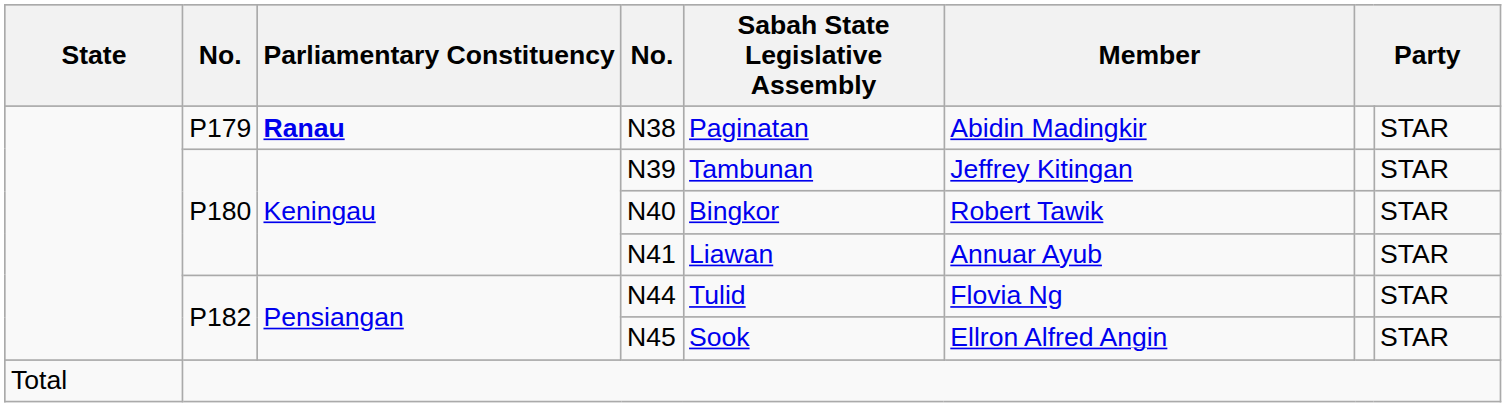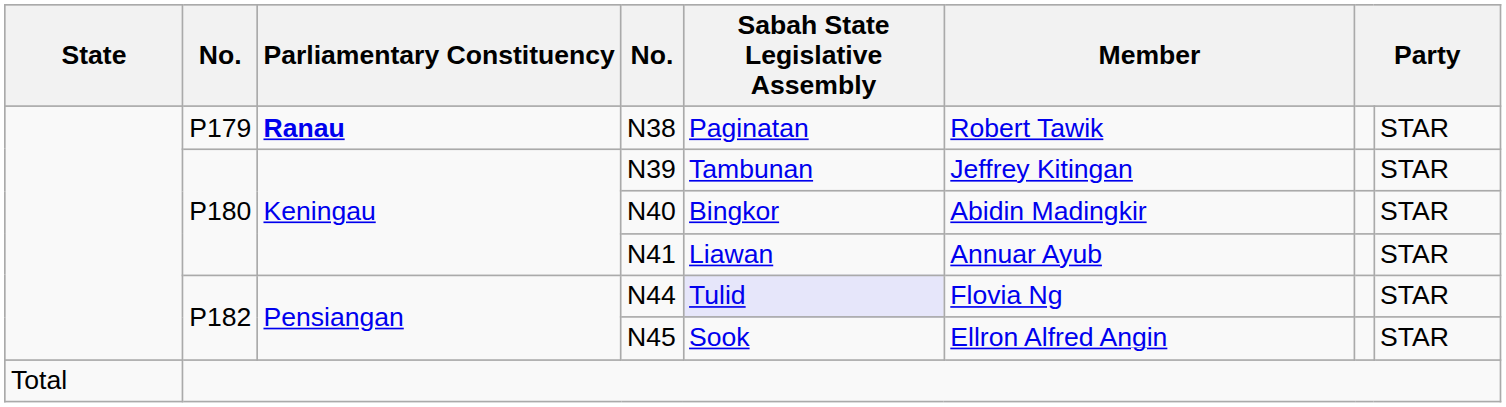 <table class ="wikitable sortable">
 <tr>
 <th style="width:100px;">State</th>
 <th>No.</th>
 <th>Parliamentary Constituency</th>
 <th style="width:30px;">No.</th>
 <th style="width:150px;">Sabah State Legislative Assembly</th>
 <th style="width:240px;">Member</th>
 <th style="width:80px;" colspan=2>Party</th>
 </tr>
 <tr>
 <td rowspan=6></td>
 <td>P179</td>
 <td><strong><a href='#'>Ranau</a></strong></td>
 <td>N38</td>
 <td><a href='#'>Paginatan</a></td>
-<td><a href='#'>Abidin Madingkir</a></td>
+<td><a href='#'>Robert Tawik</a></td>
 <td></td>
 <td>STAR</td>
 </tr>
 <tr>
 <td rowspan="3">P180</td>
 <td rowspan="3"><a href='#'>Keningau</a></td>
 <td>N39</td>
 <td><a href='#'>Tambunan</a></td>
 <td><a href='#'>Jeffrey Kitingan</a></td>
 <td></td>
 <td>STAR</td>
 </tr>
 <tr>
 <td>N40</td>
 <td><a href='#'>Bingkor</a></td>
-<td><a href='#'>Robert Tawik</a></td>
+<td><a href='#'>Abidin Madingkir</a></td>
 <td></td>
 <td>STAR</td>
 </tr>
 <tr>
 <td>N41</td>
 <td><a href='#'>Liawan</a></td>
 <td><a href='#'>Annuar Ayub</a></td>
 <td></td>
 <td>STAR</td>
 </tr>
 <tr>
 <td rowspan="2">P182</td>
 <td rowspan="2"><a href='#'>Pensiangan</a></td>
 <td>N44</td>
-<td><a href='#'>Tulid</a></td>
+<td style="background: lavender;"><a href='#'>Tulid</a></td>
 <td><a href='#'>Flovia Ng</a></td>
 <td></td>
 <td>STAR</td>
 </tr>
 <tr>
 <td>N45</td>
 <td><a href='#'>Sook</a></td>
 <td><a href='#'>Ellron Alfred Angin</a></td>
 <td></td>
 <td>STAR</td>
 </tr>
 <tr>
 <td>Total</td>
 <td colspan="7"></td>
 </tr>
 </table>
